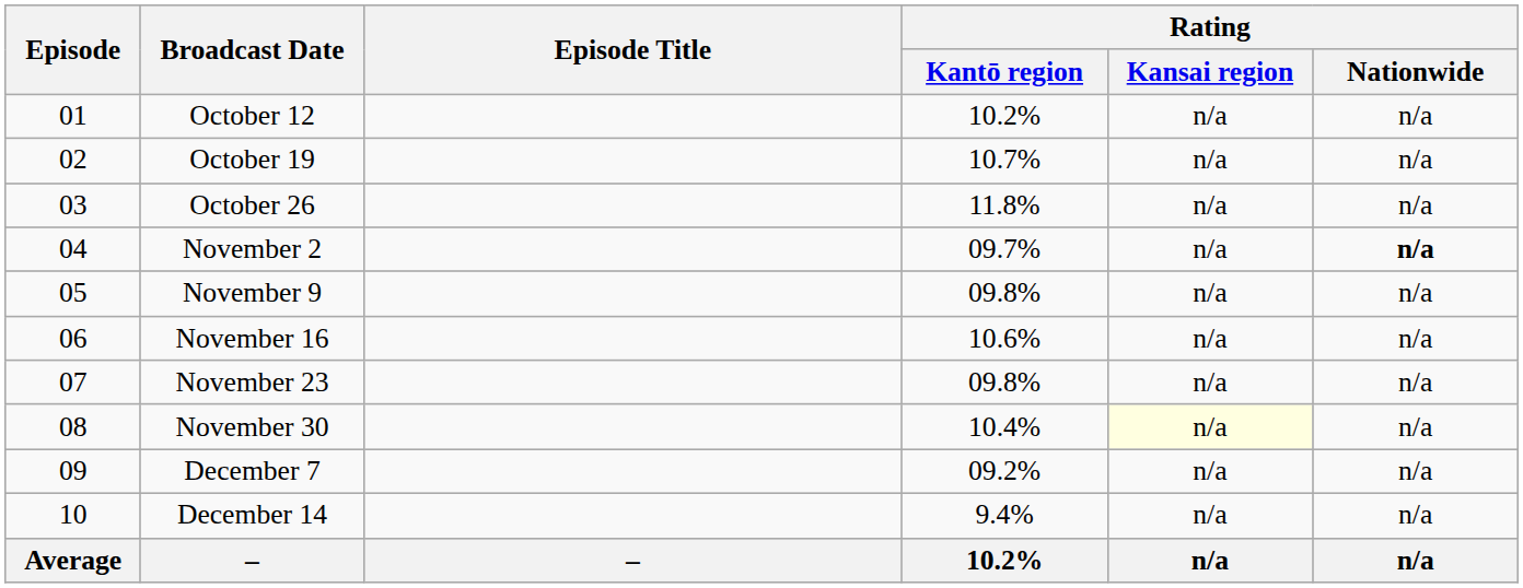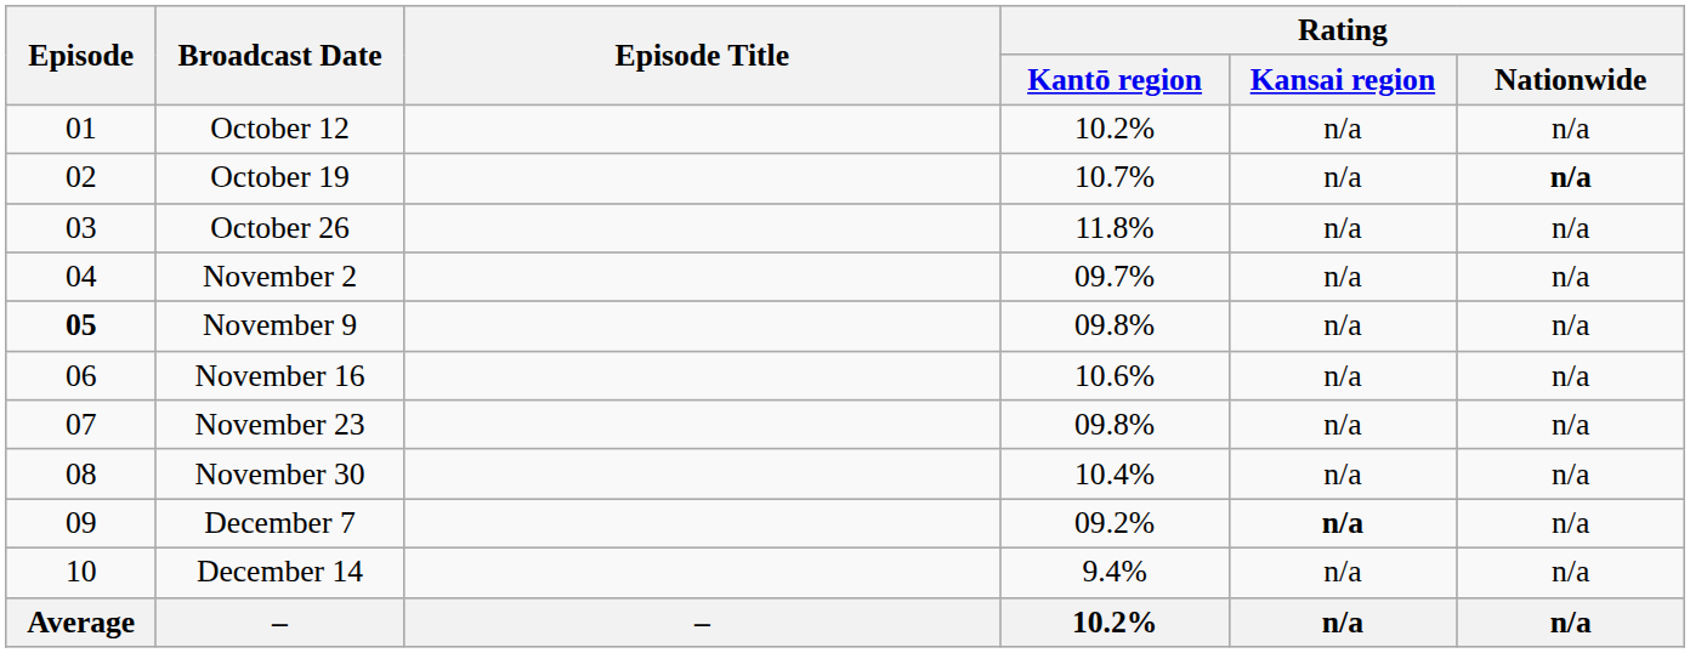 <table class=wikitable style="text-align:center">
 <tr>
 <th width = 70 rowspan = 2>Episode</th>
 <th width = 120 rowspan = 2>Broadcast Date</th>
 <th Width = 300 rowspan = 2>Episode Title</th>
 <th colspan = 3>Rating</th>
 </tr>
 <tr>
 <th width = 110><a href='#'>Kantō region</a></th>
 <th width = 110><a href='#'>Kansai region</a></th>
 <th width = 110>Nationwide</th>
 </tr>
 <tr>
 <td>01</td>
 <td>October 12</td>
 <td></td>
 <td>10.2%</td>
 <td>n/a</td>
 <td>n/a</td>
 </tr>
 <tr>
 <td>02</td>
 <td>October 19</td>
 <td></td>
 <td>10.7%</td>
 <td>n/a</td>
-<td>n/a</td>
+<td><strong>n/a</strong></td>
 </tr>
 <tr>
 <td>03</td>
 <td>October 26</td>
 <td></td>
 <td>11.8%</td>
 <td>n/a</td>
 <td>n/a</td>
 </tr>
 <tr>
 <td>04</td>
 <td>November 2</td>
 <td></td>
 <td>09.7%</td>
 <td>n/a</td>
-<td><strong>n/a</strong></td>
+<td>n/a</td>
 </tr>
 <tr>
-<td>05</td>
+<td><strong>05</strong></td>
 <td>November 9</td>
 <td></td>
 <td>09.8%</td>
 <td>n/a</td>
 <td>n/a</td>
 </tr>
 <tr>
 <td>06</td>
 <td>November 16</td>
 <td></td>
 <td>10.6%</td>
 <td>n/a</td>
 <td>n/a</td>
 </tr>
 <tr>
 <td>07</td>
 <td>November 23</td>
 <td></td>
 <td>09.8%</td>
 <td>n/a</td>
 <td>n/a</td>
 </tr>
 <tr>
 <td>08</td>
 <td>November 30</td>
 <td></td>
 <td>10.4%</td>
-<td style="background: lightyellow;">n/a</td>
+<td>n/a</td>
 <td>n/a</td>
 </tr>
 <tr>
 <td>09</td>
 <td>December 7</td>
 <td></td>
 <td>09.2%</td>
-<td>n/a</td>
+<td><strong>n/a</strong></td>
 <td>n/a</td>
 </tr>
 <tr>
 <td>10</td>
 <td>December 14</td>
 <td></td>
 <td>9.4%</td>
 <td>n/a</td>
 <td>n/a</td>
 </tr>
 <tr>
 <th>Average</th>
 <th>–</th>
 <th>–</th>
 <th>10.2%</th>
 <th>n/a</th>
 <th>n/a</th>
 </tr>
 </table>
